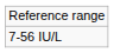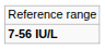 <table class="wikitable" align="right">
 <tr>
 <td>Reference range</td>
 </tr>
 <tr>
-<td>7-56 IU/L</td>
+<td><strong>7-56 IU/L</strong></td>
 </tr>
 </table>
